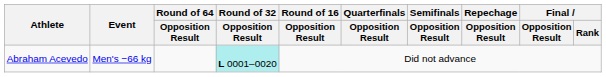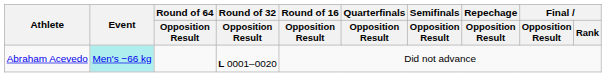 <table class="wikitable" style="font-size:90%">
 <tr>
 <th rowspan="2">Athlete</th>
 <th rowspan="2">Event</th>
 <th>Round of 64</th>
 <th>Round of 32</th>
 <th>Round of 16</th>
 <th>Quarterfinals</th>
 <th>Semifinals</th>
 <th>Repechage</th>
 <th colspan=2>Final / </th>
 </tr>
 <tr style="font-size:95%">
 <th>Opposition<br>Result</th>
 <th>Opposition<br>Result</th>
 <th>Opposition<br>Result</th>
 <th>Opposition<br>Result</th>
 <th>Opposition<br>Result</th>
 <th>Opposition<br>Result</th>
 <th>Opposition<br>Result</th>
 <th>Rank</th>
 </tr>
 <tr align=center>
 <td align=left><a href='#'>Abraham Acevedo</a></td>
-<td align=left><a href='#'>Men's −66 kg</a></td>
+<td align=left style="background: paleturquoise;"><a href='#'>Men's −66 kg</a></td>
 <td></td>
-<td style="background: paleturquoise;"><br><strong>L</strong> 0001–0020</td>
+<td><br><strong>L</strong> 0001–0020</td>
 <td colspan=6>Did not advance</td>
 </tr>
 </table>
